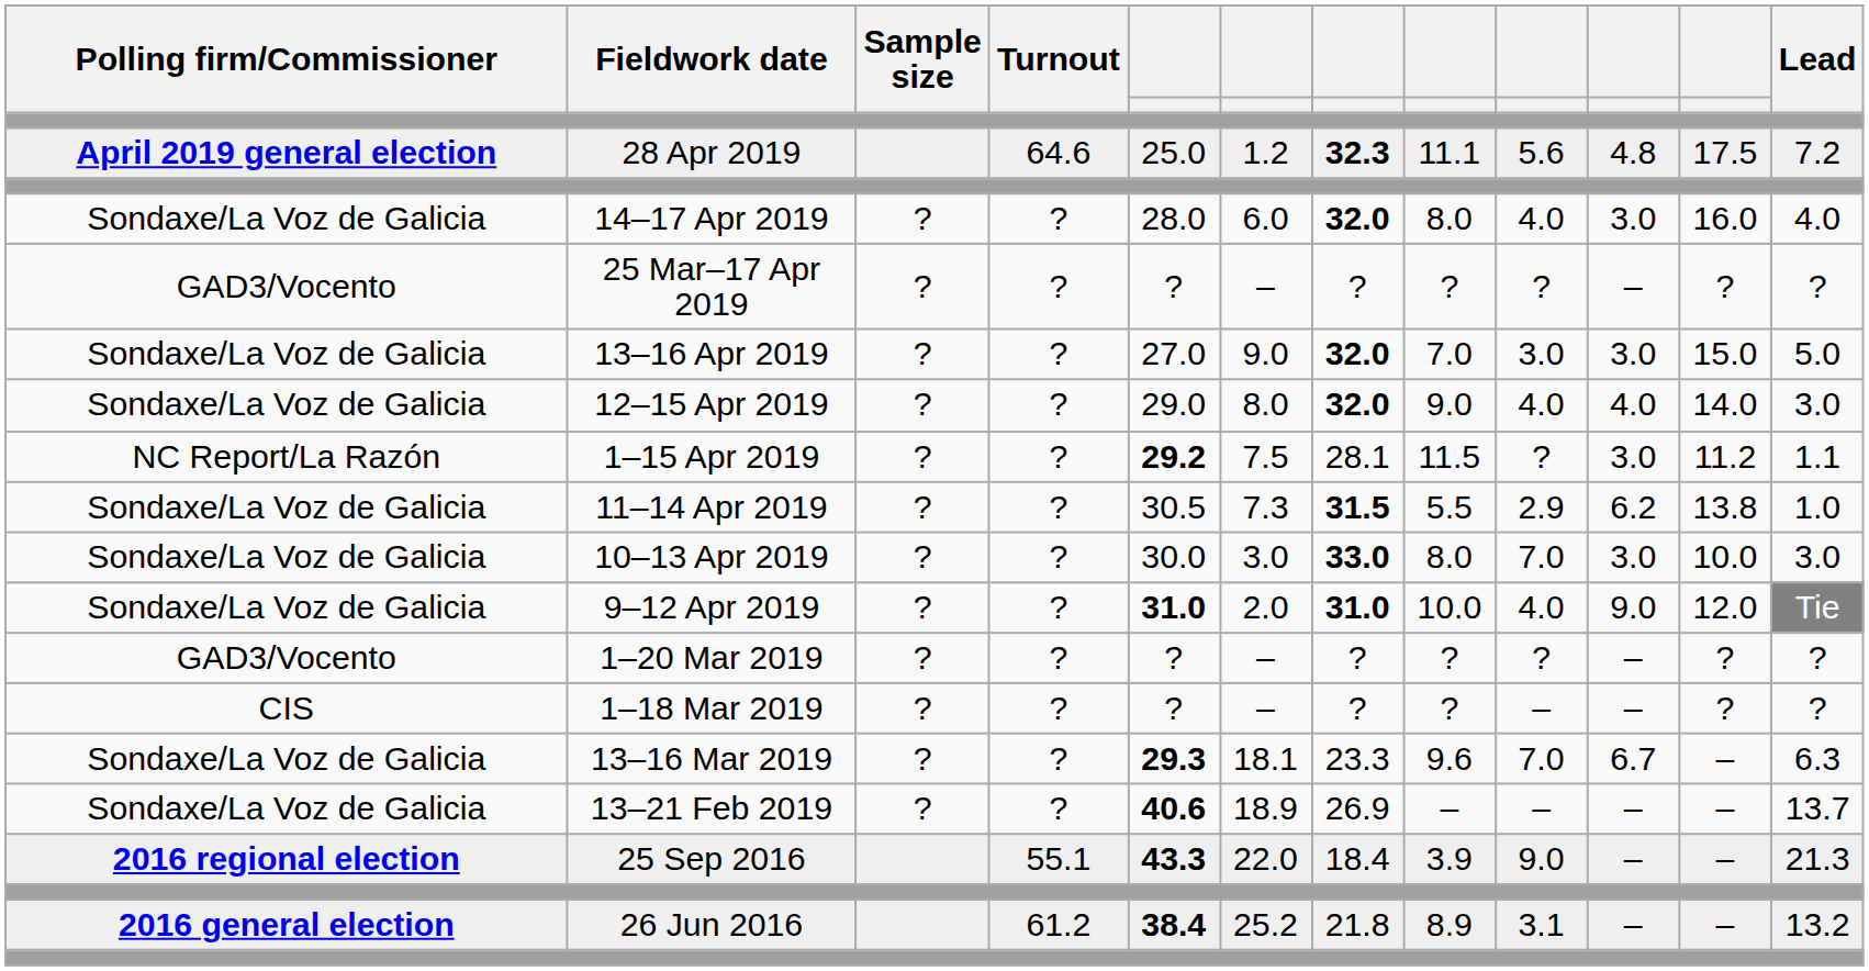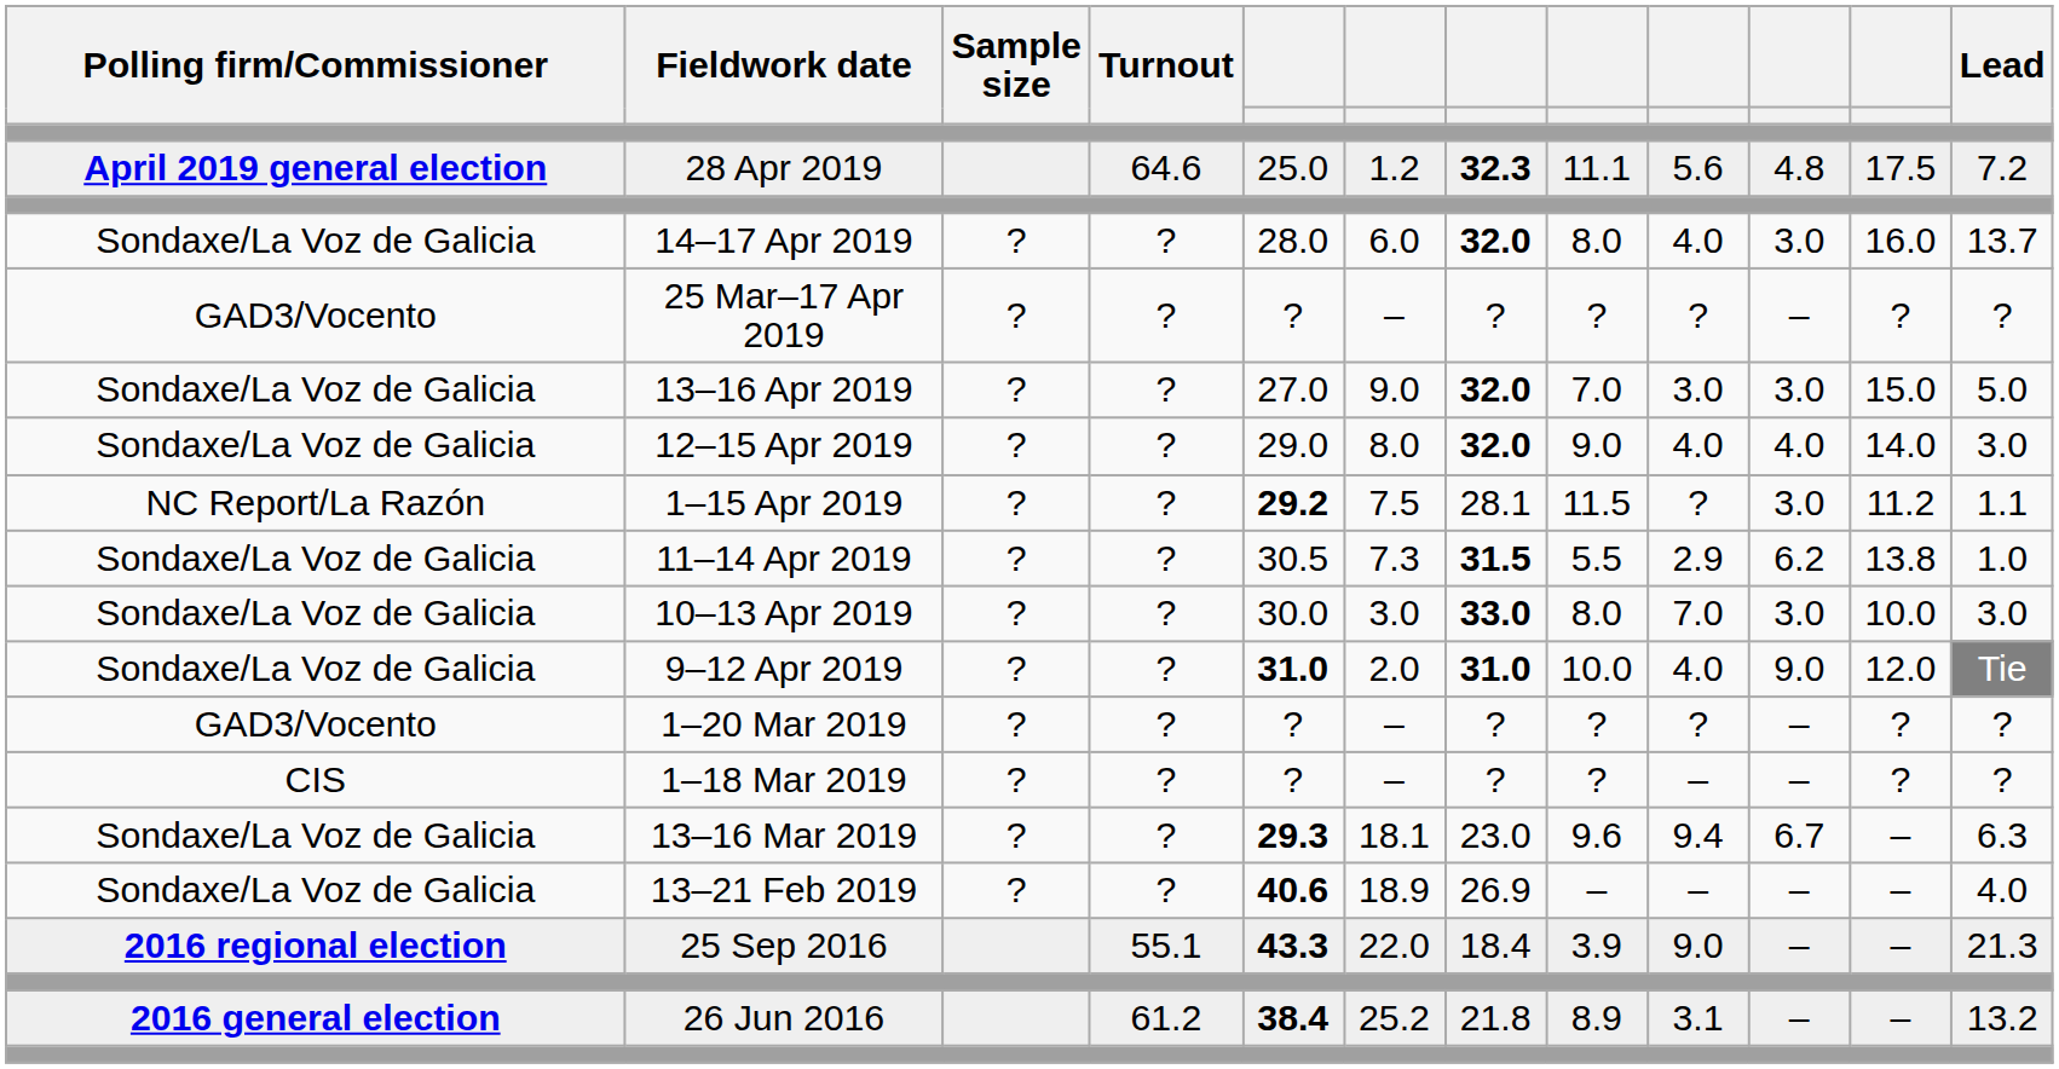 <table class="wikitable collapsible collapsed" style="text-align:center; font-size:95%; line-height:16px;">
 <tr style="height:42px;">
 <th style="width:250px;" rowspan="2">Polling firm/Commissioner</th>
 <th style="width:125px;" rowspan="2">Fieldwork date</th>
 <th style="width:50px;" rowspan="2">Sample size</th>
 <th style="width:45px;" rowspan="2">Turnout</th>
 <th style="width:35px;"></th>
 <th style="width:35px;"></th>
 <th style="width:35px;"></th>
 <th style="width:35px;"></th>
 <th style="width:35px;"></th>
 <th style="width:35px;"></th>
 <th style="width:35px;"></th>
 <th style="width:30px;" rowspan="2">Lead</th>
 </tr>
 <tr>
 <th style="color:inherit;background:"></th>
 <th style="color:inherit;background:"></th>
 <th style="color:inherit;background:"></th>
 <th style="color:inherit;background:"></th>
 <th style="color:inherit;background:"></th>
 <th style="color:inherit;background:"></th>
 <th style="color:inherit;background:"></th>
 </tr>
 <tr>
 <td colspan="12" style="background:#A0A0A0"></td>
 </tr>
 <tr style="background:#EFEFEF;">
 <td><strong><a href='#'>April 2019 general election</a></strong></td>
 <td>28 Apr 2019</td>
 <td></td>
 <td>64.6</td>
 <td>25.0<br></td>
 <td>1.2<br></td>
 <td><strong>32.3</strong><br></td>
 <td>11.1<br></td>
 <td>5.6<br></td>
 <td>4.8<br></td>
 <td>17.5<br></td>
 <td style="background:">7.2</td>
 </tr>
 <tr>
 <td colspan="12" style="background:#A0A0A0"></td>
 </tr>
 <tr>
 <td>Sondaxe/La Voz de Galicia</td>
 <td>14–17 Apr 2019</td>
 <td>?</td>
 <td>?</td>
 <td>28.0<br></td>
 <td>6.0<br></td>
 <td><strong>32.0</strong><br></td>
 <td>8.0<br></td>
 <td>4.0<br></td>
 <td>3.0<br></td>
 <td>16.0<br></td>
-<td style="background:">4.0</td>
+<td style="background:">13.7</td>
 </tr>
 <tr>
 <td>GAD3/Vocento</td>
 <td>25 Mar–17 Apr 2019</td>
 <td>?</td>
 <td>?</td>
 <td>?<br></td>
 <td>–</td>
 <td>?<br></td>
 <td>?<br></td>
 <td>?<br></td>
 <td>–</td>
 <td>?<br></td>
 <td style="background:">?</td>
 </tr>
 <tr>
 <td>Sondaxe/La Voz de Galicia</td>
 <td>13–16 Apr 2019</td>
 <td>?</td>
 <td>?</td>
 <td>27.0<br></td>
 <td>9.0<br></td>
 <td><strong>32.0</strong><br></td>
 <td>7.0<br></td>
 <td>3.0<br></td>
 <td>3.0<br></td>
 <td>15.0<br></td>
 <td style="background:">5.0</td>
 </tr>
 <tr>
 <td>Sondaxe/La Voz de Galicia</td>
 <td>12–15 Apr 2019</td>
 <td>?</td>
 <td>?</td>
 <td>29.0<br></td>
 <td>8.0<br></td>
 <td><strong>32.0</strong><br></td>
 <td>9.0<br></td>
 <td>4.0<br></td>
 <td>4.0<br></td>
 <td>14.0<br></td>
 <td style="background:">3.0</td>
 </tr>
 <tr>
 <td>NC Report/La Razón</td>
 <td>1–15 Apr 2019</td>
 <td>?</td>
 <td>?</td>
 <td><strong>29.2</strong><br></td>
 <td>7.5<br></td>
 <td>28.1<br></td>
 <td>11.5<br></td>
 <td>?<br></td>
 <td>3.0<br></td>
 <td>11.2<br></td>
 <td style="background:">1.1</td>
 </tr>
 <tr>
 <td>Sondaxe/La Voz de Galicia</td>
 <td>11–14 Apr 2019</td>
 <td>?</td>
 <td>?</td>
 <td>30.5<br></td>
 <td>7.3<br></td>
 <td><strong>31.5</strong><br></td>
 <td>5.5<br></td>
 <td>2.9<br></td>
 <td>6.2<br></td>
 <td>13.8<br></td>
 <td style="background:">1.0</td>
 </tr>
 <tr>
 <td>Sondaxe/La Voz de Galicia</td>
 <td>10–13 Apr 2019</td>
 <td>?</td>
 <td>?</td>
 <td>30.0<br></td>
 <td>3.0<br></td>
 <td><strong>33.0</strong><br></td>
 <td>8.0<br></td>
 <td>7.0<br></td>
 <td>3.0<br></td>
 <td>10.0<br></td>
 <td style="background:">3.0</td>
 </tr>
 <tr>
 <td>Sondaxe/La Voz de Galicia</td>
 <td>9–12 Apr 2019</td>
 <td>?</td>
 <td>?</td>
 <td><strong>31.0</strong><br></td>
 <td>2.0<br></td>
 <td><strong>31.0</strong><br></td>
 <td>10.0<br></td>
 <td>4.0<br></td>
 <td>9.0<br></td>
 <td>12.0<br></td>
 <td style="background:gray;color:white;">Tie</td>
 </tr>
 <tr>
 <td>GAD3/Vocento</td>
 <td>1–20 Mar 2019</td>
 <td>?</td>
 <td>?</td>
 <td>?<br></td>
 <td>–</td>
 <td>?<br></td>
 <td>?<br></td>
 <td>?<br></td>
 <td>–</td>
 <td>?<br></td>
 <td style="background:">?</td>
 </tr>
 <tr>
 <td>CIS</td>
 <td>1–18 Mar 2019</td>
 <td>?</td>
 <td>?</td>
 <td>?<br></td>
 <td>–</td>
 <td>?<br></td>
 <td>?<br></td>
 <td>–</td>
 <td>–</td>
 <td>?<br></td>
 <td style="background:">?</td>
 </tr>
 <tr>
 <td>Sondaxe/La Voz de Galicia</td>
 <td>13–16 Mar 2019</td>
 <td>?</td>
 <td>?</td>
 <td><strong>29.3</strong><br></td>
 <td>18.1<br></td>
-<td>23.3<br></td>
+<td>23.0<br></td>
 <td>9.6<br></td>
-<td>7.0<br></td>
+<td>9.4<br></td>
 <td>6.7<br></td>
 <td>–</td>
 <td style="background:">6.3</td>
 </tr>
 <tr>
 <td>Sondaxe/La Voz de Galicia</td>
 <td>13–21 Feb 2019</td>
 <td>?</td>
 <td>?</td>
 <td><strong>40.6</strong><br></td>
 <td>18.9<br></td>
 <td>26.9<br></td>
 <td>–</td>
 <td>–</td>
 <td>–</td>
 <td>–</td>
-<td style="background:">13.7</td>
+<td style="background:">4.0</td>
 </tr>
 <tr style="background:#EFEFEF;">
 <td><strong><a href='#'>2016 regional election</a></strong></td>
 <td>25 Sep 2016</td>
 <td></td>
 <td>55.1</td>
 <td><strong>43.3</strong><br></td>
 <td>22.0<br></td>
 <td>18.4<br></td>
 <td>3.9<br></td>
 <td>9.0<br></td>
 <td>–</td>
 <td>–</td>
 <td style="background:">21.3</td>
 </tr>
 <tr>
 <td colspan="12" style="background:#A0A0A0"></td>
 </tr>
 <tr style="background:#EFEFEF;">
 <td><strong><a href='#'>2016 general election</a></strong></td>
 <td>26 Jun 2016</td>
 <td></td>
 <td>61.2</td>
 <td><strong>38.4</strong><br></td>
 <td>25.2<br></td>
 <td>21.8<br></td>
 <td>8.9<br></td>
 <td>3.1<br></td>
 <td>–</td>
 <td>–</td>
 <td style="background:">13.2</td>
 </tr>
 <tr>
 <td colspan="12" style="background:#A0A0A0"></td>
 </tr>
 </table>
